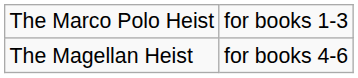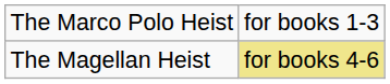 <table class=wikitable>
 <tr>
 <td>The Marco Polo Heist</td>
 <td>for books 1-3</td>
 </tr>
 <tr>
 <td>The Magellan Heist</td>
-<td>for books 4-6</td>
+<td style="background: khaki;">for books 4-6</td>
 </tr>
 </table>
